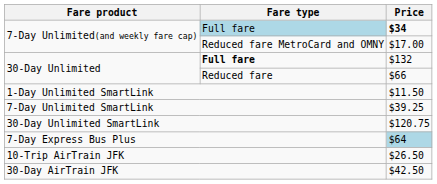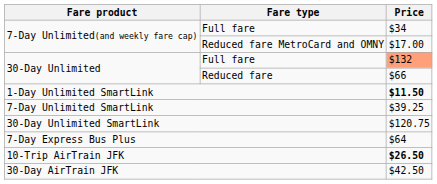 <table class="wikitable">
 <tr>
 <th>Fare product</th>
 <th>Fare type</th>
 <th>Price</th>
 </tr>
 <tr>
 <td rowspan="2">7-Day Unlimited<small>(and weekly fare cap)</small></td>
-<td style="background: lightblue;">Full fare</td>
-<td><strong>$34</strong></td>
+<td>Full fare</td>
+<td>$34</td>
 </tr>
 <tr>
 <td>Reduced fare MetroCard and OMNY</td>
 <td>$17.00</td>
 </tr>
 <tr>
 <td rowspan="2">30-Day Unlimited</td>
-<td><strong>Full fare</strong></td>
-<td>$132</td>
+<td>Full fare</td>
+<td style="background: lightsalmon;">$132</td>
 </tr>
 <tr>
 <td>Reduced fare</td>
 <td>$66</td>
 </tr>
 <tr>
 <td colspan="2">1-Day Unlimited SmartLink</td>
-<td>$11.50</td>
+<td><strong>$11.50</strong></td>
 </tr>
 <tr>
 <td colspan="2">7-Day Unlimited SmartLink</td>
 <td>$39.25</td>
 </tr>
 <tr>
 <td colspan="2">30-Day Unlimited SmartLink</td>
 <td>$120.75</td>
 </tr>
 <tr>
 <td colspan="2">7-Day Express Bus Plus</td>
-<td style="background: lightblue;">$64</td>
+<td>$64</td>
 </tr>
 <tr>
 <td colspan="2">10-Trip AirTrain JFK</td>
-<td>$26.50</td>
+<td><strong>$26.50</strong></td>
 </tr>
 <tr>
 <td colspan="2">30-Day AirTrain JFK</td>
 <td>$42.50</td>
 </tr>
 </table>
